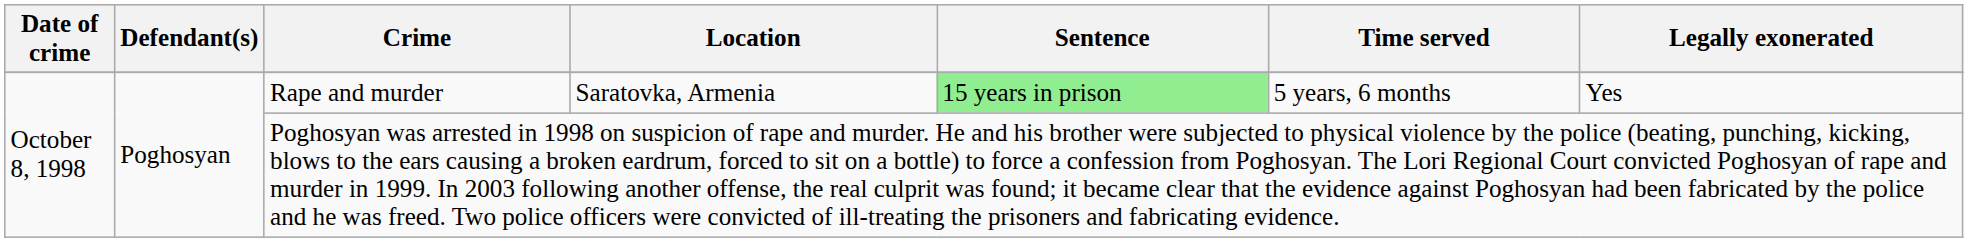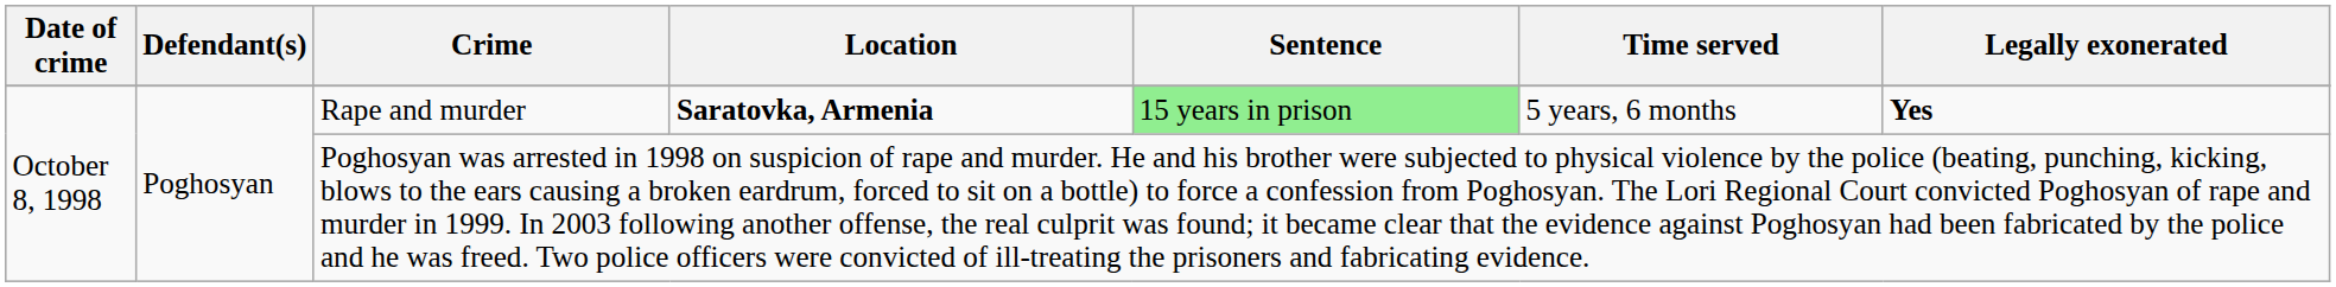 <table class="wikitable sortable">
 <tr>
 <th>Date of crime</th>
 <th>Defendant(s)</th>
 <th>Crime</th>
 <th>Location</th>
 <th>Sentence</th>
 <th>Time served</th>
 <th>Legally exonerated</th>
 </tr>
 <tr>
 </tr>
 <tr ->
 <td rowspan="2">October 8, 1998</td>
 <td rowspan="2">Poghosyan</td>
 <td>Rape and murder</td>
-<td>Saratovka, Armenia</td>
+<td><strong>Saratovka, Armenia</strong></td>
 <td style="background: lightgreen;">15 years in prison</td>
 <td>5 years, 6 months</td>
-<td>Yes</td>
+<td><strong>Yes</strong></td>
 </tr>
 <tr>
 <td colspan=5>Poghosyan was arrested in 1998 on suspicion of rape and murder. He and his brother were subjected to physical violence by the police (beating, punching, kicking, blows to the ears causing a broken eardrum, forced to sit on a bottle) to force a confession from Poghosyan. The Lori Regional Court convicted Poghosyan of rape and murder in 1999. In 2003 following another offense, the real culprit was found; it became clear that the evidence against Poghosyan had been fabricated by the police and he was freed. Two police officers were convicted of ill-treating the prisoners and fabricating evidence.</td>
 </tr>
 </table>
